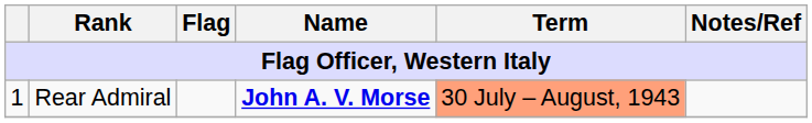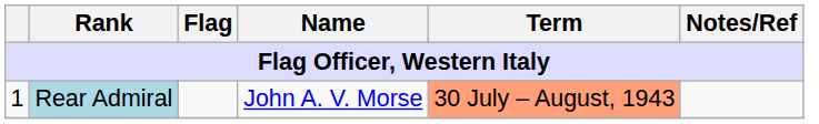 <table class="wikitable">
 <tr>
 <th></th>
 <th>Rank</th>
 <th>Flag</th>
 <th>Name</th>
 <th>Term</th>
 <th>Notes/Ref</th>
 </tr>
 <tr>
 <td colspan="6" align="center" style="background:#dcdcfe;"><strong>Flag Officer, Western Italy</strong> </td>
 </tr>
 <tr>
 <td>1</td>
-<td>Rear Admiral</td>
+<td style="background: lightblue;">Rear Admiral</td>
 <td></td>
-<td><strong><a href='#'>John A. V. Morse</a></strong></td>
+<td><a href='#'>John A. V. Morse</a></td>
 <td style="background: lightsalmon;">30 July – August, 1943</td>
 <td></td>
 </tr>
 <tr>
 </tr>
 </table>
